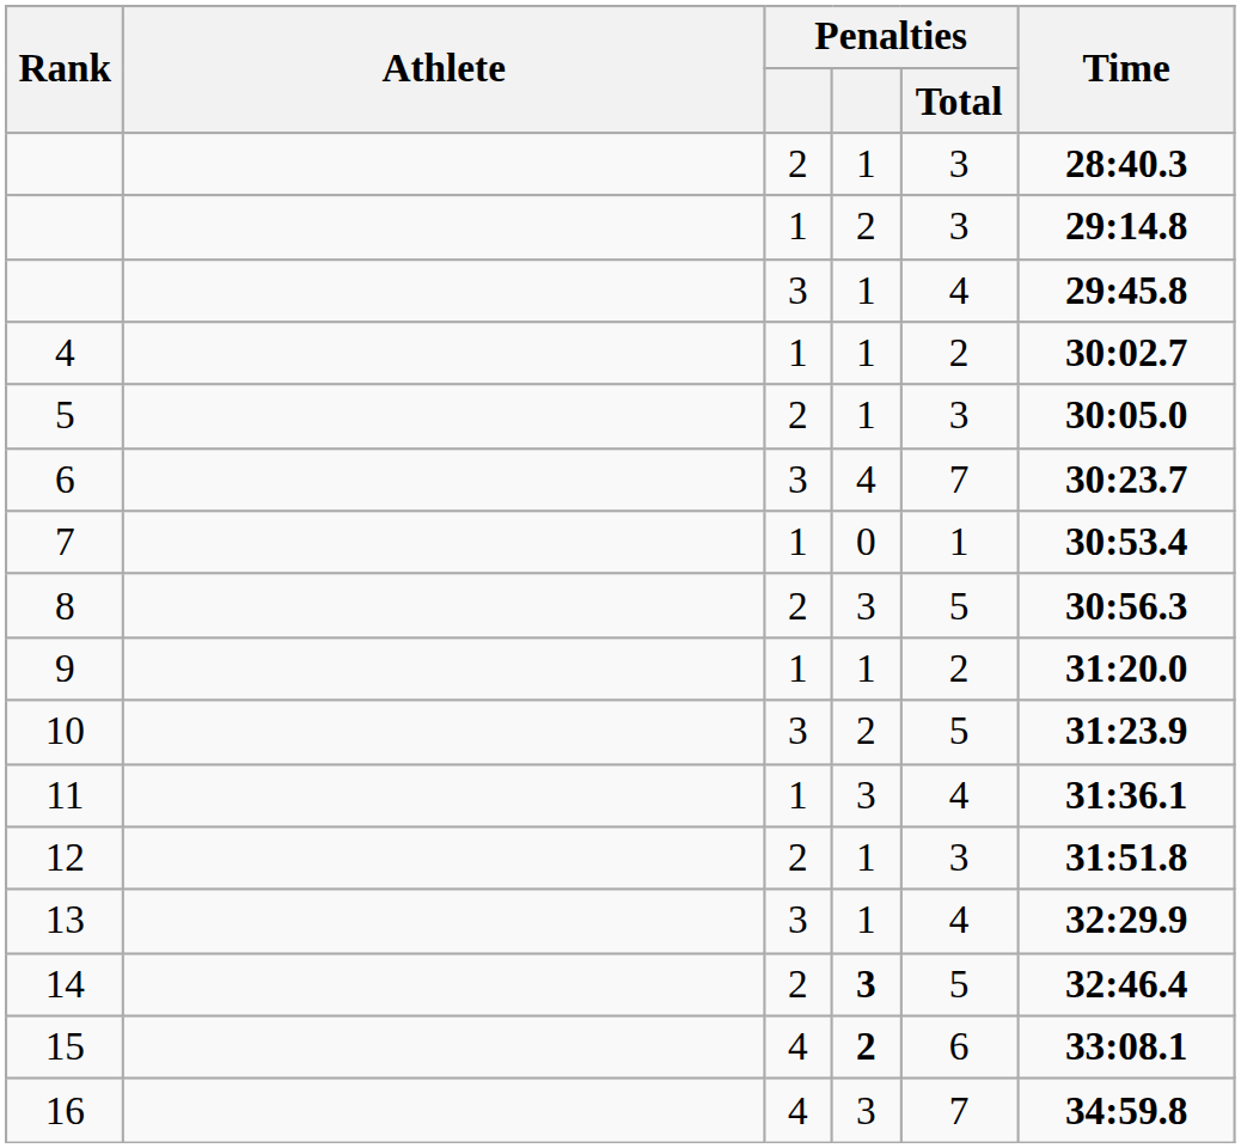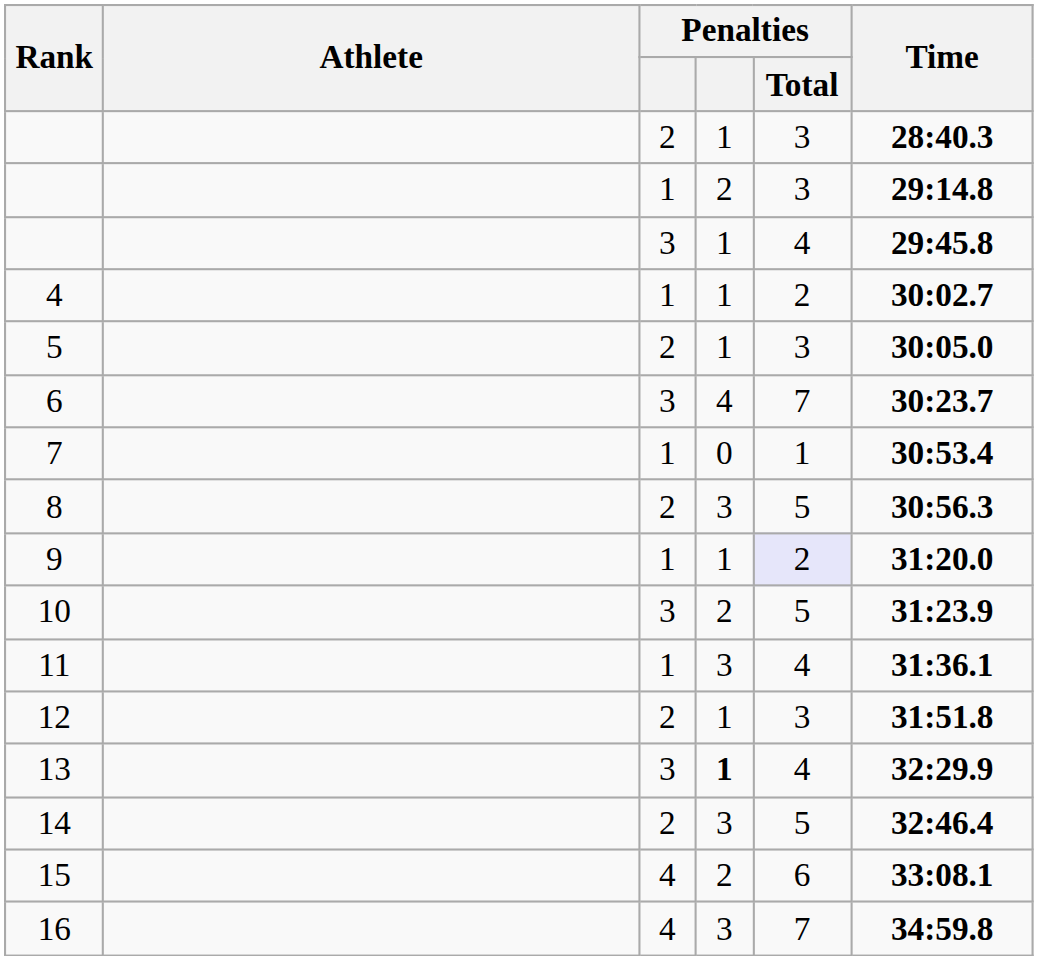 <table class=wikitable style="text-align:center">
 <tr>
 <th rowspan=2 width=40>Rank</th>
 <th rowspan=2 width=250>Athlete</th>
 <th colspan=3>Penalties</th>
 <th rowspan=2 width=80>Time</th>
 </tr>
 <tr>
 <th width=20></th>
 <th width=20></th>
 <th width=40>Total</th>
 </tr>
 <tr>
 <td></td>
 <td align=left></td>
 <td>2</td>
 <td>1</td>
 <td>3</td>
 <td><strong>28:40.3</strong></td>
 </tr>
 <tr>
 <td></td>
 <td align=left></td>
 <td>1</td>
 <td>2</td>
 <td>3</td>
 <td><strong>29:14.8</strong></td>
 </tr>
 <tr>
 <td></td>
 <td align=left></td>
 <td>3</td>
 <td>1</td>
 <td>4</td>
 <td><strong>29:45.8</strong></td>
 </tr>
 <tr>
 <td>4</td>
 <td align=left></td>
 <td>1</td>
 <td>1</td>
 <td>2</td>
 <td><strong>30:02.7</strong></td>
 </tr>
 <tr>
 <td>5</td>
 <td align=left></td>
 <td>2</td>
 <td>1</td>
 <td>3</td>
 <td><strong>30:05.0</strong></td>
 </tr>
 <tr>
 <td>6</td>
 <td align=left></td>
 <td>3</td>
 <td>4</td>
 <td>7</td>
 <td><strong>30:23.7</strong></td>
 </tr>
 <tr>
 <td>7</td>
 <td align=left></td>
 <td>1</td>
 <td>0</td>
 <td>1</td>
 <td><strong>30:53.4</strong></td>
 </tr>
 <tr>
 <td>8</td>
 <td align=left></td>
 <td>2</td>
 <td>3</td>
 <td>5</td>
 <td><strong>30:56.3</strong></td>
 </tr>
 <tr>
 <td>9</td>
 <td align=left></td>
 <td>1</td>
 <td>1</td>
-<td>2</td>
+<td style="background: lavender;">2</td>
 <td><strong>31:20.0</strong></td>
 </tr>
 <tr>
 <td>10</td>
 <td align=left></td>
 <td>3</td>
 <td>2</td>
 <td>5</td>
 <td><strong>31:23.9</strong></td>
 </tr>
 <tr>
 <td>11</td>
 <td align=left></td>
 <td>1</td>
 <td>3</td>
 <td>4</td>
 <td><strong>31:36.1</strong></td>
 </tr>
 <tr>
 <td>12</td>
 <td align=left></td>
 <td>2</td>
 <td>1</td>
 <td>3</td>
 <td><strong>31:51.8</strong></td>
 </tr>
 <tr>
 <td>13</td>
 <td align=left></td>
 <td>3</td>
-<td>1</td>
+<td><strong>1</strong></td>
 <td>4</td>
 <td><strong>32:29.9</strong></td>
 </tr>
 <tr>
 <td>14</td>
 <td align=left></td>
 <td>2</td>
-<td><strong>3</strong></td>
+<td>3</td>
 <td>5</td>
 <td><strong>32:46.4</strong></td>
 </tr>
 <tr>
 <td>15</td>
 <td align=left></td>
 <td>4</td>
-<td><strong>2</strong></td>
+<td>2</td>
 <td>6</td>
 <td><strong>33:08.1</strong></td>
 </tr>
 <tr>
 <td>16</td>
 <td align=left></td>
 <td>4</td>
 <td>3</td>
 <td>7</td>
 <td><strong>34:59.8</strong></td>
 </tr>
 </table>
